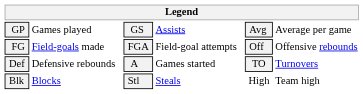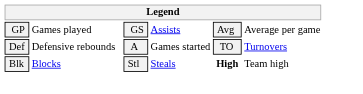 <table class="toccolours" style="font-size: 80%; white-space: nowrap;">
 <tr>
 <th colspan="6" style="background-color: #F2F2F2; border: 1px solid #AAAAAA;">Legend</th>
 </tr>
 <tr>
 <td style="background-color: #F2F2F2; border: 1px solid black;">  GP </td>
 <td>Games played</td>
 <td style="background-color: #F2F2F2; border: 1px solid black">  GS </td>
 <td style="padding-right: 8px"><a href='#'>Assists</a></td>
 <td style="background-color: #F2F2F2; border: 1px solid black"> Avg </td>
 <td>Average per game</td>
-</tr>
-<tr>
-<td style="background-color: #F2F2F2; border: 1px solid black">  FG </td>
-<td style="padding-right: 8px"><a href='#'>Field-goals</a> made</td>
-<td style="background-color: #F2F2F2; border: 1px solid black"> FGA </td>
-<td style="padding-right: 8px">Field-goal attempts</td>
-<td style="background-color: #F2F2F2; border: 1px solid black;"> Off </td>
-<td>Offensive <a href='#'>rebounds</a></td>
 </tr>
 <tr>
 <td style="background-color: #F2F2F2; border: 1px solid black;"> Def </td>
 <td style="padding-right: 8px">Defensive rebounds</td>
 <td style="background-color: #F2F2F2; border: 1px solid black">  A </td>
 <td>Games started</td>
 <td style="background-color: #F2F2F2; border: 1px solid black">  TO</td>
 <td><a href='#'>Turnovers</a></td>
 </tr>
 <tr>
 <td style="background-color: #F2F2F2; border: 1px solid black;"> Blk </td>
 <td><a href='#'>Blocks</a></td>
 <td style="background-color: #F2F2F2; border: 1px solid black"> Stl </td>
 <td><a href='#'>Steals</a></td>
-<td> High </td>
+<td><strong> High </strong></td>
 <td>Team high</td>
 </tr>
 <tr>
 </tr>
 </table>
